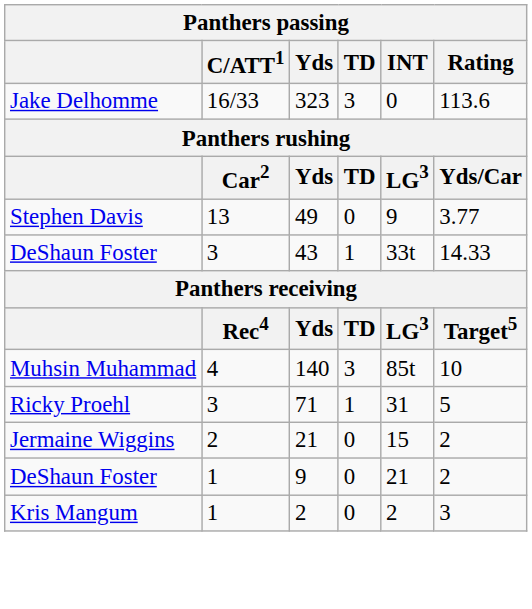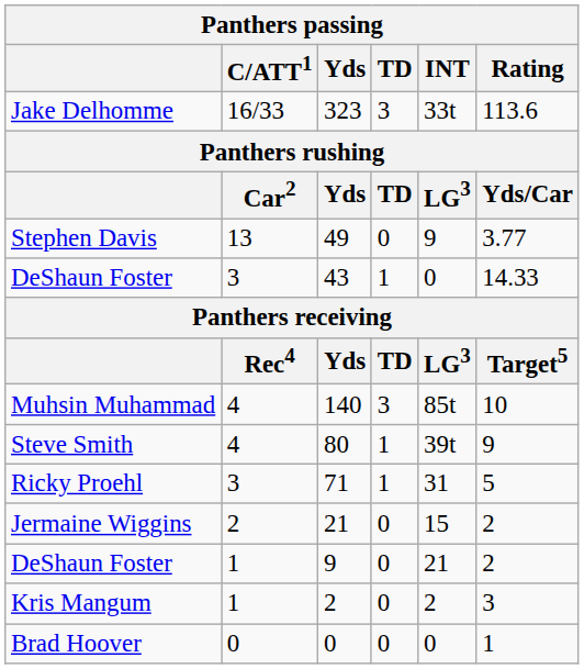 <table class="wikitable">
 <tr>
 <th colspan="6">Panthers passing</th>
 </tr>
 <tr>
 <th></th>
 <th>C/ATT<sup>1</sup></th>
 <th>Yds</th>
 <th>TD</th>
 <th>INT</th>
 <th>Rating</th>
 </tr>
 <tr>
 <td><a href='#'>Jake Delhomme</a></td>
 <td>16/33</td>
 <td>323</td>
 <td>3</td>
-<td>0</td>
+<td>33t</td>
 <td>113.6</td>
 </tr>
 <tr>
 <th colspan="6">Panthers rushing</th>
 </tr>
 <tr>
 <th></th>
 <th>Car<sup>2</sup></th>
 <th>Yds</th>
 <th>TD</th>
 <th>LG<sup>3</sup></th>
 <th>Yds/Car</th>
 </tr>
 <tr>
 <td><a href='#'>Stephen Davis</a></td>
 <td>13</td>
 <td>49</td>
 <td>0</td>
 <td>9</td>
 <td>3.77</td>
 </tr>
 <tr>
 <td><a href='#'>DeShaun Foster</a></td>
 <td>3</td>
 <td>43</td>
 <td>1</td>
-<td>33t</td>
+<td>0</td>
 <td>14.33</td>
 </tr>
 <tr>
 <th colspan="6">Panthers receiving</th>
 </tr>
 <tr>
 <th></th>
 <th>Rec<sup>4</sup></th>
 <th>Yds</th>
 <th>TD</th>
 <th>LG<sup>3</sup></th>
 <th>Target<sup>5</sup></th>
 </tr>
 <tr>
 <td><a href='#'>Muhsin Muhammad</a></td>
 <td>4</td>
 <td>140</td>
 <td>3</td>
 <td>85t</td>
 <td>10</td>
+</tr>
+<tr>
+<td><a href='#'>Steve Smith</a></td>
+<td>4</td>
+<td>80</td>
+<td>1</td>
+<td>39t</td>
+<td>9</td>
 </tr>
 <tr>
 <td><a href='#'>Ricky Proehl</a></td>
 <td>3</td>
 <td>71</td>
 <td>1</td>
 <td>31</td>
 <td>5</td>
 </tr>
 <tr>
 <td><a href='#'>Jermaine Wiggins</a></td>
 <td>2</td>
 <td>21</td>
 <td>0</td>
 <td>15</td>
 <td>2</td>
 </tr>
 <tr>
 <td><a href='#'>DeShaun Foster</a></td>
 <td>1</td>
 <td>9</td>
 <td>0</td>
 <td>21</td>
 <td>2</td>
 </tr>
 <tr>
 <td><a href='#'>Kris Mangum</a></td>
 <td>1</td>
 <td>2</td>
 <td>0</td>
 <td>2</td>
 <td>3</td>
 </tr>
+<tr>
+<td><a href='#'>Brad Hoover</a></td>
+<td>0</td>
+<td>0</td>
+<td>0</td>
+<td>0</td>
+<td>1</td>
+</tr>
 </table>
